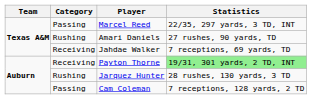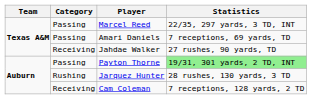 <table class="wikitable" style="float: right;">
 <tr>
 <th>Team</th>
 <th>Category</th>
 <th>Player</th>
 <th>Statistics</th>
 </tr>
 <tr>
 <td rowspan=3><strong>Texas A&M</strong></td>
 <td>Passing</td>
 <td><a href='#'>Marcel Reed</a></td>
 <td>22/35, 297 yards, 3 TD, INT</td>
 </tr>
 <tr>
-<td>Rushing</td>
+<td>Passing</td>
 <td>Amari Daniels</td>
-<td>27 rushes, 90 yards, TD</td>
+<td>7 receptions, 69 yards, TD</td>
 </tr>
 <tr>
 <td>Receiving</td>
 <td>Jahdae Walker</td>
-<td>7 receptions, 69 yards, TD</td>
+<td>27 rushes, 90 yards, TD</td>
 </tr>
 <tr>
 <td rowspan=3><strong>Auburn</strong></td>
-<td>Receiving</td>
+<td>Passing</td>
 <td><a href='#'>Payton Thorne</a></td>
 <td style="background: lightgreen;">19/31, 301 yards, 2 TD, INT</td>
 </tr>
 <tr>
 <td>Rushing</td>
 <td><a href='#'>Jarquez Hunter</a></td>
 <td>28 rushes, 130 yards, 3 TD</td>
 </tr>
 <tr>
-<td>Passing</td>
+<td>Receiving</td>
 <td><a href='#'>Cam Coleman</a></td>
 <td>7 receptions, 128 yards, 2 TD</td>
 </tr>
 </table>
